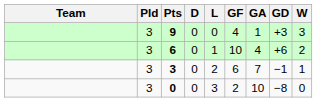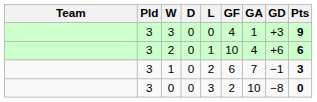 <table class="wikitable" style="text-align: center;">
 <tr>
 <th width=175>Team</th>
 <th width=20>Pld</th>
-<th width=20>Pts</th>
+<th width=20>W</th>
 <th width=20>D</th>
 <th width=20>L</th>
 <th width=20>GF</th>
 <th width=20>GA</th>
 <th width=20>GD</th>
-<th width=20>W</th>
+<th width=20>Pts</th>
 </tr>
 <tr bgcolor=ccffcc>
 <td style="text-align:left;"></td>
 <td>3</td>
-<td><strong>9</strong></td>
+<td>3</td>
 <td>0</td>
 <td>0</td>
 <td>4</td>
 <td>1</td>
 <td>+3</td>
-<td>3</td>
+<td><strong>9</strong></td>
 </tr>
 <tr bgcolor=ccffcc>
 <td style="text-align:left;"></td>
 <td>3</td>
-<td><strong>6</strong></td>
+<td>2</td>
 <td>0</td>
 <td>1</td>
 <td>10</td>
 <td>4</td>
 <td>+6</td>
-<td>2</td>
+<td><strong>6</strong></td>
 </tr>
 <tr>
 <td style="text-align:left;"></td>
 <td>3</td>
-<td><strong>3</strong></td>
+<td>1</td>
 <td>0</td>
 <td>2</td>
 <td>6</td>
 <td>7</td>
 <td>−1</td>
-<td>1</td>
+<td><strong>3</strong></td>
 </tr>
 <tr>
 <td style="text-align:left;"></td>
 <td>3</td>
-<td><strong>0</strong></td>
+<td>0</td>
 <td>0</td>
 <td>3</td>
 <td>2</td>
 <td>10</td>
 <td>−8</td>
-<td>0</td>
+<td><strong>0</strong></td>
 </tr>
 </table>
